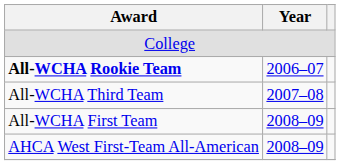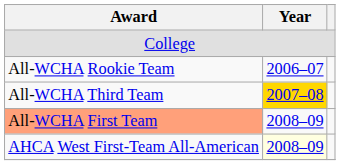 <table class="wikitable">
 <tr>
 <th>Award</th>
 <th>Year</th>
 <th></th>
 </tr>
 <tr ALIGN="center" bgcolor="#e0e0e0">
 <td colspan="3"><a href='#'>College</a></td>
 </tr>
 <tr>
-<td><strong>All-<a href='#'>WCHA</a> <a href='#'>Rookie Team</a></strong></td>
+<td>All-<a href='#'>WCHA</a> <a href='#'>Rookie Team</a></td>
 <td><a href='#'>2006–07</a></td>
 <td></td>
 </tr>
 <tr>
 <td>All-<a href='#'>WCHA</a> <a href='#'>Third Team</a></td>
-<td><a href='#'>2007–08</a></td>
+<td style="background: gold;"><a href='#'>2007–08</a></td>
 <td></td>
 </tr>
 <tr>
-<td>All-<a href='#'>WCHA</a> <a href='#'>First Team</a></td>
+<td style="background: lightsalmon;">All-<a href='#'>WCHA</a> <a href='#'>First Team</a></td>
 <td><a href='#'>2008–09</a></td>
 <td></td>
 </tr>
 <tr>
 <td><a href='#'>AHCA</a> <a href='#'>West First-Team All-American</a></td>
-<td><a href='#'>2008–09</a></td>
+<td style="background: lightyellow;"><a href='#'>2008–09</a></td>
 <td></td>
 </tr>
 <tr>
 </tr>
 </table>
